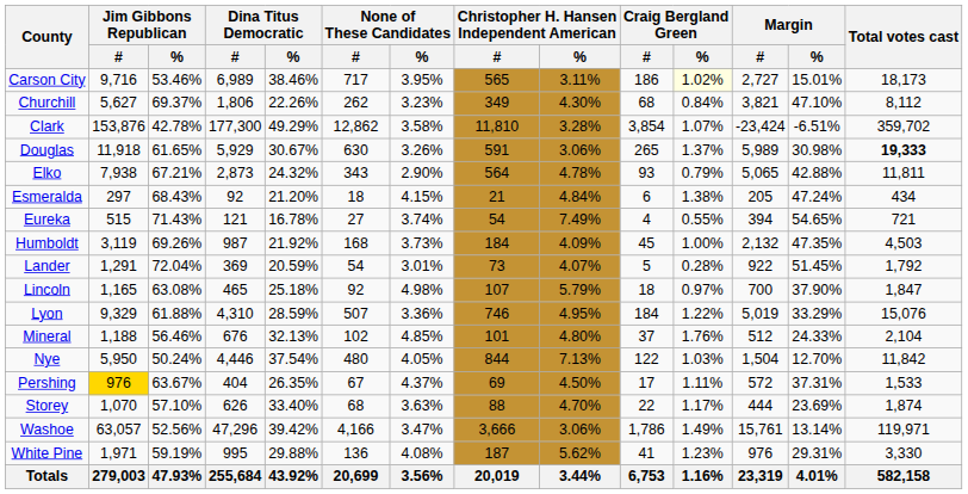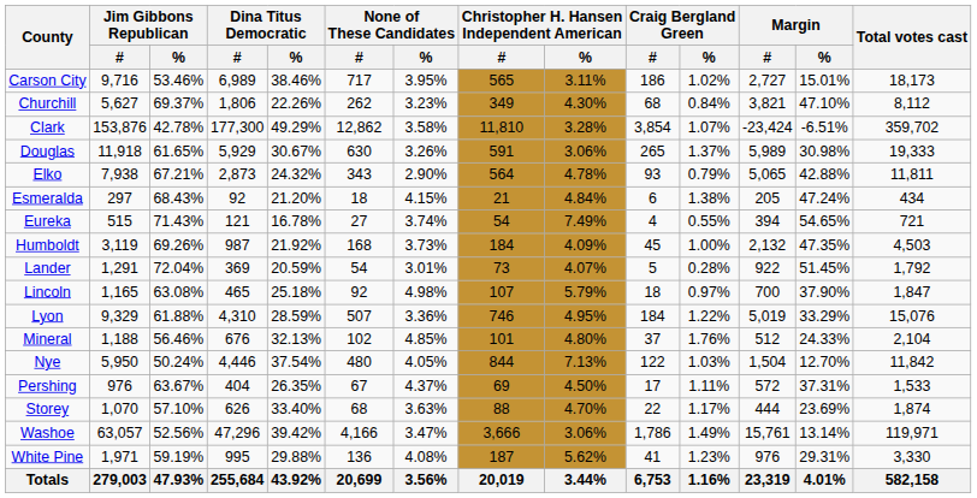 <table class="wikitable sortable" style="text-align:center">
 <tr>
 <th rowspan="2">County</th>
 <th style="text-align:center;" colspan="2">Jim Gibbons<br>Republican</th>
 <th style="text-align:center;" colspan="2">Dina Titus<br>Democratic</th>
 <th style="text-align:center;" colspan="2">None of<br>These Candidates</th>
 <th style="text-align:center;" colspan="2">Christopher H. Hansen<br>Independent American</th>
 <th style="text-align:center;" colspan="2">Craig Bergland<br>Green</th>
 <th style="text-align:center;" colspan="2">Margin</th>
 <th style="text-align:center;" rowspan="2">Total votes cast</th>
 </tr>
 <tr>
 <th style="text-align:center;" data-sort-type="number">#</th>
 <th style="text-align:center;" data-sort-type="number">%</th>
 <th style="text-align:center;" data-sort-type="number">#</th>
 <th style="text-align:center;" data-sort-type="number">%</th>
 <th style="text-align:center;" data-sort-type="number">#</th>
 <th style="text-align:center;" data-sort-type="number">%</th>
 <th style="text-align:center;" data-sort-type="number">#</th>
 <th style="text-align:center;" data-sort-type="number">%</th>
 <th style="text-align:center;" data-sort-type="number">#</th>
 <th style="text-align:center;" data-sort-type="number">%</th>
 <th style="text-align:center;" data-sort-type="number">#</th>
 <th style="text-align:center;" data-sort-type="number">%</th>
 </tr>
 <tr style="text-align:center;">
 <td><a href='#'>Carson City</a></td>
 <td>9,716</td>
 <td>53.46%</td>
 <td>6,989</td>
 <td>38.46%</td>
 <td>717</td>
 <td>3.95%</td>
 <td bgcolor="#c49334">565</td>
 <td bgcolor="#c49334">3.11%</td>
 <td>186</td>
-<td style="background: lightyellow;">1.02%</td>
+<td>1.02%</td>
 <td>2,727</td>
 <td>15.01%</td>
 <td>18,173</td>
 </tr>
 <tr style="text-align:center;">
 <td><a href='#'>Churchill</a></td>
 <td>5,627</td>
 <td>69.37%</td>
 <td>1,806</td>
 <td>22.26%</td>
 <td>262</td>
 <td>3.23%</td>
 <td bgcolor="#c49334">349</td>
 <td bgcolor="#c49334">4.30%</td>
 <td>68</td>
 <td>0.84%</td>
 <td>3,821</td>
 <td>47.10%</td>
 <td>8,112</td>
 </tr>
 <tr style="text-align:center;">
 <td><a href='#'>Clark</a></td>
 <td>153,876</td>
 <td>42.78%</td>
 <td>177,300</td>
 <td>49.29%</td>
 <td>12,862</td>
 <td>3.58%</td>
 <td bgcolor="#c49334">11,810</td>
 <td bgcolor="#c49334">3.28%</td>
 <td>3,854</td>
 <td>1.07%</td>
 <td>-23,424</td>
 <td>-6.51%</td>
 <td>359,702</td>
 </tr>
 <tr style="text-align:center;">
 <td><a href='#'>Douglas</a></td>
 <td>11,918</td>
 <td>61.65%</td>
 <td>5,929</td>
 <td>30.67%</td>
 <td>630</td>
 <td>3.26%</td>
 <td bgcolor="#c49334">591</td>
 <td bgcolor="#c49334">3.06%</td>
 <td>265</td>
 <td>1.37%</td>
 <td>5,989</td>
 <td>30.98%</td>
-<td><strong>19,333</strong></td>
+<td>19,333</td>
 </tr>
 <tr style="text-align:center;">
 <td><a href='#'>Elko</a></td>
 <td>7,938</td>
 <td>67.21%</td>
 <td>2,873</td>
 <td>24.32%</td>
 <td>343</td>
 <td>2.90%</td>
 <td bgcolor="#c49334">564</td>
 <td bgcolor="#c49334">4.78%</td>
 <td>93</td>
 <td>0.79%</td>
 <td>5,065</td>
 <td>42.88%</td>
 <td>11,811</td>
 </tr>
 <tr style="text-align:center;">
 <td><a href='#'>Esmeralda</a></td>
 <td>297</td>
 <td>68.43%</td>
 <td>92</td>
 <td>21.20%</td>
 <td>18</td>
 <td>4.15%</td>
 <td bgcolor="#c49334">21</td>
 <td bgcolor="#c49334">4.84%</td>
 <td>6</td>
 <td>1.38%</td>
 <td>205</td>
 <td>47.24%</td>
 <td>434</td>
 </tr>
 <tr style="text-align:center;">
 <td><a href='#'>Eureka</a></td>
 <td>515</td>
 <td>71.43%</td>
 <td>121</td>
 <td>16.78%</td>
 <td>27</td>
 <td>3.74%</td>
 <td bgcolor="#c49334">54</td>
 <td bgcolor="#c49334">7.49%</td>
 <td>4</td>
 <td>0.55%</td>
 <td>394</td>
 <td>54.65%</td>
 <td>721</td>
 </tr>
 <tr style="text-align:center;">
 <td><a href='#'>Humboldt</a></td>
 <td>3,119</td>
 <td>69.26%</td>
 <td>987</td>
 <td>21.92%</td>
 <td>168</td>
 <td>3.73%</td>
 <td bgcolor="#c49334">184</td>
 <td bgcolor="#c49334">4.09%</td>
 <td>45</td>
 <td>1.00%</td>
 <td>2,132</td>
 <td>47.35%</td>
 <td>4,503</td>
 </tr>
 <tr style="text-align:center;">
 <td><a href='#'>Lander</a></td>
 <td>1,291</td>
 <td>72.04%</td>
 <td>369</td>
 <td>20.59%</td>
 <td>54</td>
 <td>3.01%</td>
 <td bgcolor="#c49334">73</td>
 <td bgcolor="#c49334">4.07%</td>
 <td>5</td>
 <td>0.28%</td>
 <td>922</td>
 <td>51.45%</td>
 <td>1,792</td>
 </tr>
 <tr style="text-align:center;">
 <td><a href='#'>Lincoln</a></td>
 <td>1,165</td>
 <td>63.08%</td>
 <td>465</td>
 <td>25.18%</td>
 <td>92</td>
 <td>4.98%</td>
 <td bgcolor="#c49334">107</td>
 <td bgcolor="#c49334">5.79%</td>
 <td>18</td>
 <td>0.97%</td>
 <td>700</td>
 <td>37.90%</td>
 <td>1,847</td>
 </tr>
 <tr style="text-align:center;">
 <td><a href='#'>Lyon</a></td>
 <td>9,329</td>
 <td>61.88%</td>
 <td>4,310</td>
 <td>28.59%</td>
 <td>507</td>
 <td>3.36%</td>
 <td bgcolor="#c49334">746</td>
 <td bgcolor="#c49334">4.95%</td>
 <td>184</td>
 <td>1.22%</td>
 <td>5,019</td>
 <td>33.29%</td>
 <td>15,076</td>
 </tr>
 <tr style="text-align:center;">
 <td><a href='#'>Mineral</a></td>
 <td>1,188</td>
 <td>56.46%</td>
 <td>676</td>
 <td>32.13%</td>
 <td>102</td>
 <td>4.85%</td>
 <td bgcolor="#c49334">101</td>
 <td bgcolor="#c49334">4.80%</td>
 <td>37</td>
 <td>1.76%</td>
 <td>512</td>
 <td>24.33%</td>
 <td>2,104</td>
 </tr>
 <tr style="text-align:center;">
 <td><a href='#'>Nye</a></td>
 <td>5,950</td>
 <td>50.24%</td>
 <td>4,446</td>
 <td>37.54%</td>
 <td>480</td>
 <td>4.05%</td>
 <td bgcolor="#c49334">844</td>
 <td bgcolor="#c49334">7.13%</td>
 <td>122</td>
 <td>1.03%</td>
 <td>1,504</td>
 <td>12.70%</td>
 <td>11,842</td>
 </tr>
 <tr style="text-align:center;">
 <td><a href='#'>Pershing</a></td>
-<td style="background: gold;">976</td>
+<td>976</td>
 <td>63.67%</td>
 <td>404</td>
 <td>26.35%</td>
 <td>67</td>
 <td>4.37%</td>
 <td bgcolor="#c49334">69</td>
 <td bgcolor="#c49334">4.50%</td>
 <td>17</td>
 <td>1.11%</td>
 <td>572</td>
 <td>37.31%</td>
 <td>1,533</td>
 </tr>
 <tr style="text-align:center;">
 <td><a href='#'>Storey</a></td>
 <td>1,070</td>
 <td>57.10%</td>
 <td>626</td>
 <td>33.40%</td>
 <td>68</td>
 <td>3.63%</td>
 <td bgcolor="#c49334">88</td>
 <td bgcolor="#c49334">4.70%</td>
 <td>22</td>
 <td>1.17%</td>
 <td>444</td>
 <td>23.69%</td>
 <td>1,874</td>
 </tr>
 <tr style="text-align:center;">
 <td><a href='#'>Washoe</a></td>
 <td>63,057</td>
 <td>52.56%</td>
 <td>47,296</td>
 <td>39.42%</td>
 <td>4,166</td>
 <td>3.47%</td>
 <td bgcolor="#c49334">3,666</td>
 <td bgcolor="#c49334">3.06%</td>
 <td>1,786</td>
 <td>1.49%</td>
 <td>15,761</td>
 <td>13.14%</td>
 <td>119,971</td>
 </tr>
 <tr style="text-align:center;">
 <td><a href='#'>White Pine</a></td>
 <td>1,971</td>
 <td>59.19%</td>
 <td>995</td>
 <td>29.88%</td>
 <td>136</td>
 <td>4.08%</td>
 <td bgcolor="#c49334">187</td>
 <td bgcolor="#c49334">5.62%</td>
 <td>41</td>
 <td>1.23%</td>
 <td>976</td>
 <td>29.31%</td>
 <td>3,330</td>
 </tr>
 <tr style="text-align:center;">
 <th>Totals</th>
 <th>279,003</th>
 <th>47.93%</th>
 <th>255,684</th>
 <th>43.92%</th>
 <th>20,699</th>
 <th>3.56%</th>
 <th>20,019</th>
 <th>3.44%</th>
 <th>6,753</th>
 <th>1.16%</th>
 <th>23,319</th>
 <th>4.01%</th>
 <th>582,158</th>
 </tr>
 </table>
